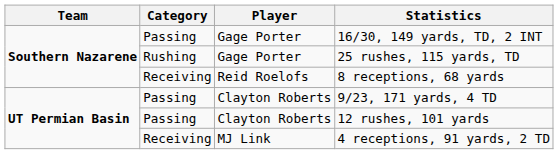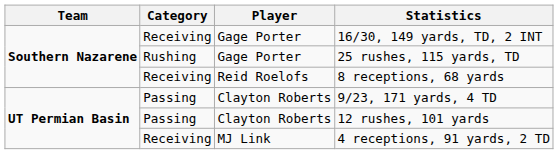 <table class="wikitable" style="float: right;">
 <tr>
 <th>Team</th>
 <th>Category</th>
 <th>Player</th>
 <th>Statistics</th>
 </tr>
 <tr>
 <td rowspan=3><strong>Southern Nazarene</strong></td>
-<td>Passing</td>
+<td>Receiving</td>
 <td>Gage Porter</td>
 <td>16/30, 149 yards, TD, 2 INT</td>
 </tr>
 <tr>
 <td>Rushing</td>
 <td>Gage Porter</td>
 <td>25 rushes, 115 yards, TD</td>
 </tr>
 <tr>
 <td>Receiving</td>
 <td>Reid Roelofs</td>
 <td>8 receptions, 68 yards</td>
 </tr>
 <tr>
 <td rowspan=3><strong>UT Permian Basin</strong></td>
 <td>Passing</td>
 <td>Clayton Roberts</td>
 <td>9/23, 171 yards, 4 TD</td>
 </tr>
 <tr>
 <td>Passing</td>
 <td>Clayton Roberts</td>
 <td>12 rushes, 101 yards</td>
 </tr>
 <tr>
 <td>Receiving</td>
 <td>MJ Link</td>
 <td>4 receptions, 91 yards, 2 TD</td>
 </tr>
 </table>
